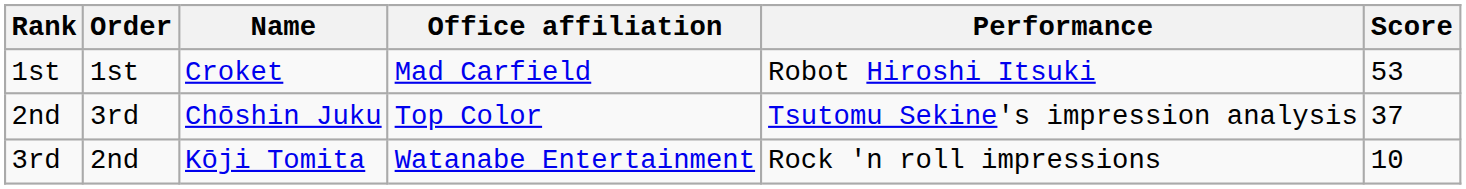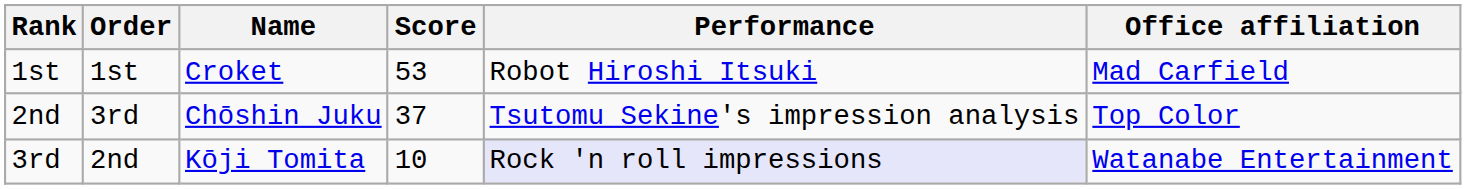 <table class="wikitable">
 <tr>
 <th>Rank</th>
 <th>Order</th>
 <th>Name</th>
+<th>Score</th>
+<th>Performance</th>
 <th>Office affiliation</th>
-<th>Performance</th>
-<th>Score</th>
 </tr>
 <tr>
 <td>1st</td>
 <td>1st</td>
 <td><a href='#'>Croket</a></td>
+<td>53</td>
+<td>Robot <a href='#'>Hiroshi Itsuki</a></td>
 <td><a href='#'>Mad Carfield</a></td>
-<td>Robot <a href='#'>Hiroshi Itsuki</a></td>
-<td>53</td>
 </tr>
 <tr>
 <td>2nd</td>
 <td>3rd</td>
 <td><a href='#'>Chōshin Juku</a></td>
+<td>37</td>
+<td><a href='#'>Tsutomu Sekine</a>'s impression analysis</td>
 <td><a href='#'>Top Color</a></td>
-<td><a href='#'>Tsutomu Sekine</a>'s impression analysis</td>
-<td>37</td>
 </tr>
 <tr>
 <td>3rd</td>
 <td>2nd</td>
 <td><a href='#'>Kōji Tomita</a></td>
+<td>10</td>
+<td style="background: lavender;">Rock 'n roll impressions</td>
 <td><a href='#'>Watanabe Entertainment</a></td>
-<td>Rock 'n roll impressions</td>
-<td>10</td>
 </tr>
 </table>
